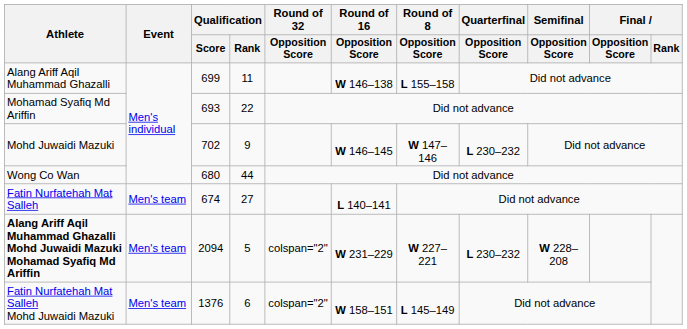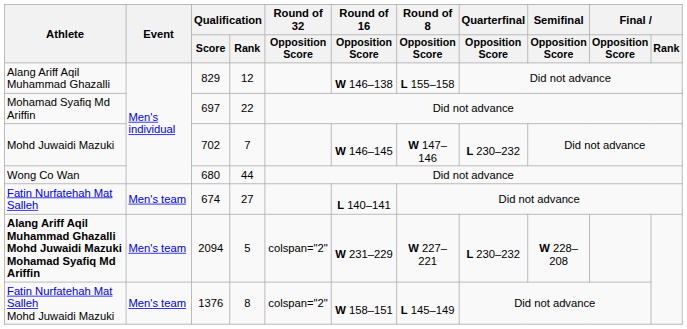 <table class="wikitable" style="font-size:90%;text-align:center">
 <tr>
 <th rowspan="2">Athlete</th>
 <th rowspan="2">Event</th>
 <th colspan="2">Qualification</th>
 <th>Round of 32</th>
 <th>Round of 16</th>
 <th>Round of 8</th>
 <th>Quarterfinal</th>
 <th>Semifinal</th>
 <th colspan="2">Final / </th>
 </tr>
 <tr style="font-size:95%">
 <th>Score</th>
 <th>Rank</th>
 <th>Opposition<br>Score</th>
 <th>Opposition<br>Score</th>
 <th>Opposition<br>Score</th>
 <th>Opposition<br>Score</th>
 <th>Opposition<br>Score</th>
 <th>Opposition<br>Score</th>
 <th>Rank</th>
 </tr>
 <tr>
 <td align="left">Alang Ariff Aqil Muhammad Ghazalli</td>
 <td align="left" rowspan="4"><a href='#'>Men's individual</a></td>
-<td>699</td>
-<td>11 <strong></strong></td>
+<td>829</td>
+<td>12 <strong></strong></td>
 <td></td>
 <td><br><strong>W</strong> 146–138</td>
 <td><br><strong>L</strong> 155–158</td>
 <td colspan="4">Did not advance</td>
 </tr>
 <tr>
 <td align="left">Mohamad Syafiq Md Ariffin</td>
-<td>693</td>
+<td>697</td>
 <td>22</td>
 <td colspan="7">Did not advance</td>
 </tr>
 <tr>
 <td align="left">Mohd Juwaidi Mazuki</td>
 <td>702</td>
-<td>9 <strong></strong></td>
+<td>7 <strong></strong></td>
 <td></td>
 <td><br><strong>W</strong> 146–145</td>
 <td><br><strong>W</strong> 147–146</td>
 <td><br><strong>L</strong> 230–232</td>
 <td colspan="3">Did not advance</td>
 </tr>
 <tr>
 <td align="left">Wong Co Wan</td>
 <td>680</td>
 <td>44</td>
 <td colspan="7">Did not advance</td>
 </tr>
 <tr>
 <td align="left"><a href='#'>Fatin Nurfatehah Mat Salleh</a></td>
 <td align="left"><a href='#'>Men's team</a></td>
 <td>674</td>
 <td>27 <strong></strong></td>
 <td></td>
 <td><br><strong>L</strong> 140–141</td>
 <td colspan="5">Did not advance</td>
 </tr>
 <tr>
 <td align="left"><strong>Alang Ariff Aqil Muhammad Ghazalli<br>Mohd Juwaidi Mazuki<br>Mohamad Syafiq Md Ariffin</strong></td>
 <td align="left"><a href='#'>Men's team</a></td>
 <td>2094</td>
 <td>5 <strong></strong></td>
 <td>colspan="2" </td>
 <td><br><strong>W</strong> 231–229</td>
 <td><br><strong>W</strong> 227–221</td>
 <td><br><strong>L</strong> 230–232</td>
 <td><br><strong>W</strong> 228–208</td>
 <td></td>
 </tr>
 <tr>
 <td align="left"><a href='#'>Fatin Nurfatehah Mat Salleh</a><br>Mohd Juwaidi Mazuki</td>
 <td align="left"><a href='#'>Men's team</a></td>
 <td>1376</td>
-<td>6 <strong></strong></td>
+<td>8 <strong></strong></td>
 <td>colspan="2" </td>
 <td><br><strong>W</strong> 158–151</td>
 <td><br><strong>L</strong> 145–149</td>
 <td colspan="3">Did not advance</td>
 </tr>
 </table>
